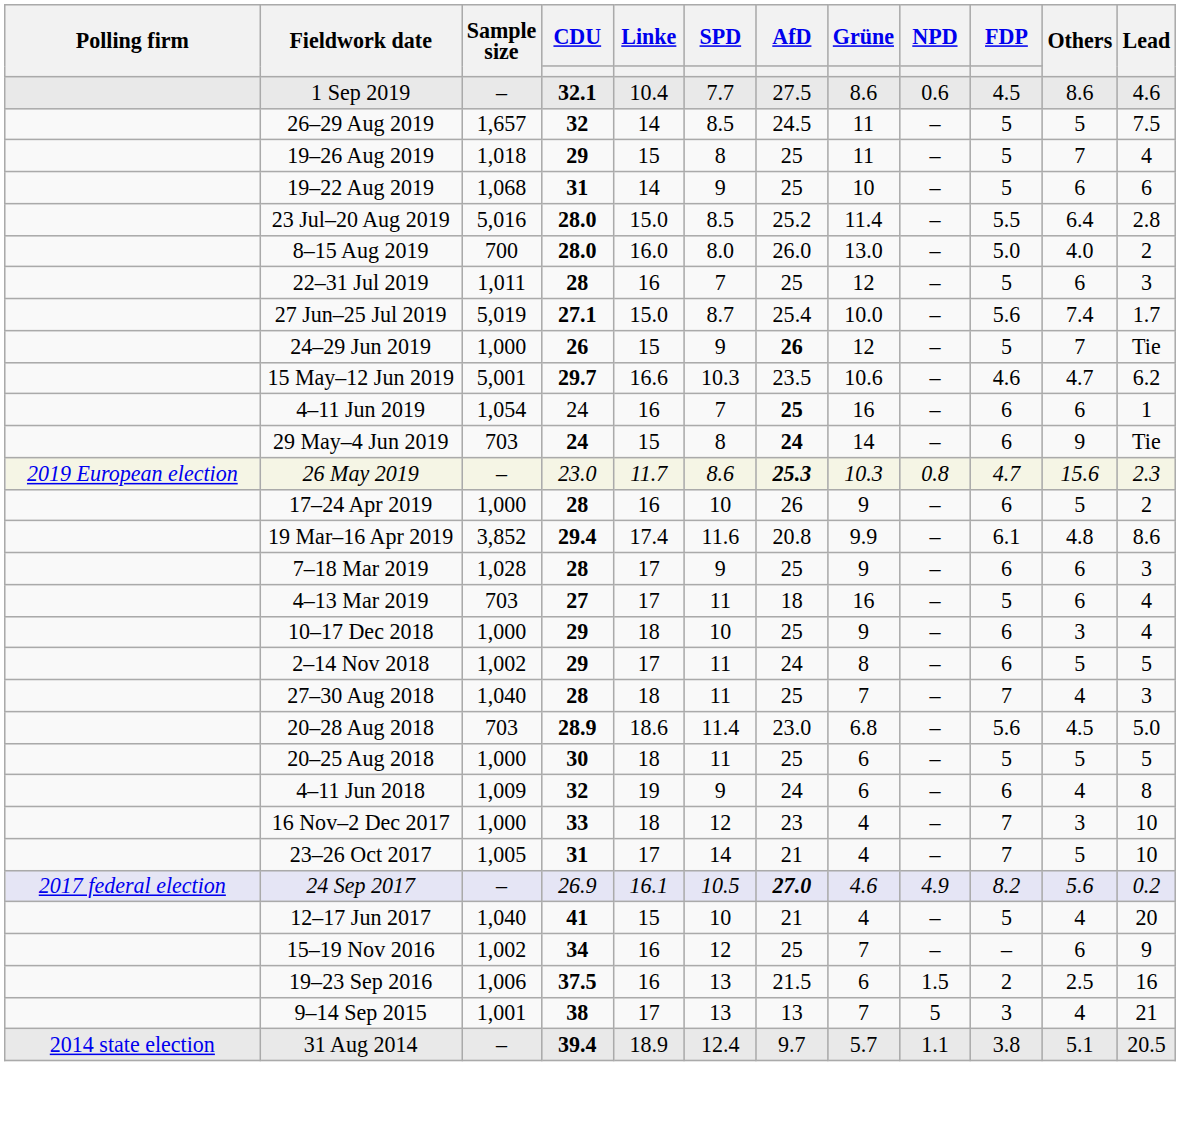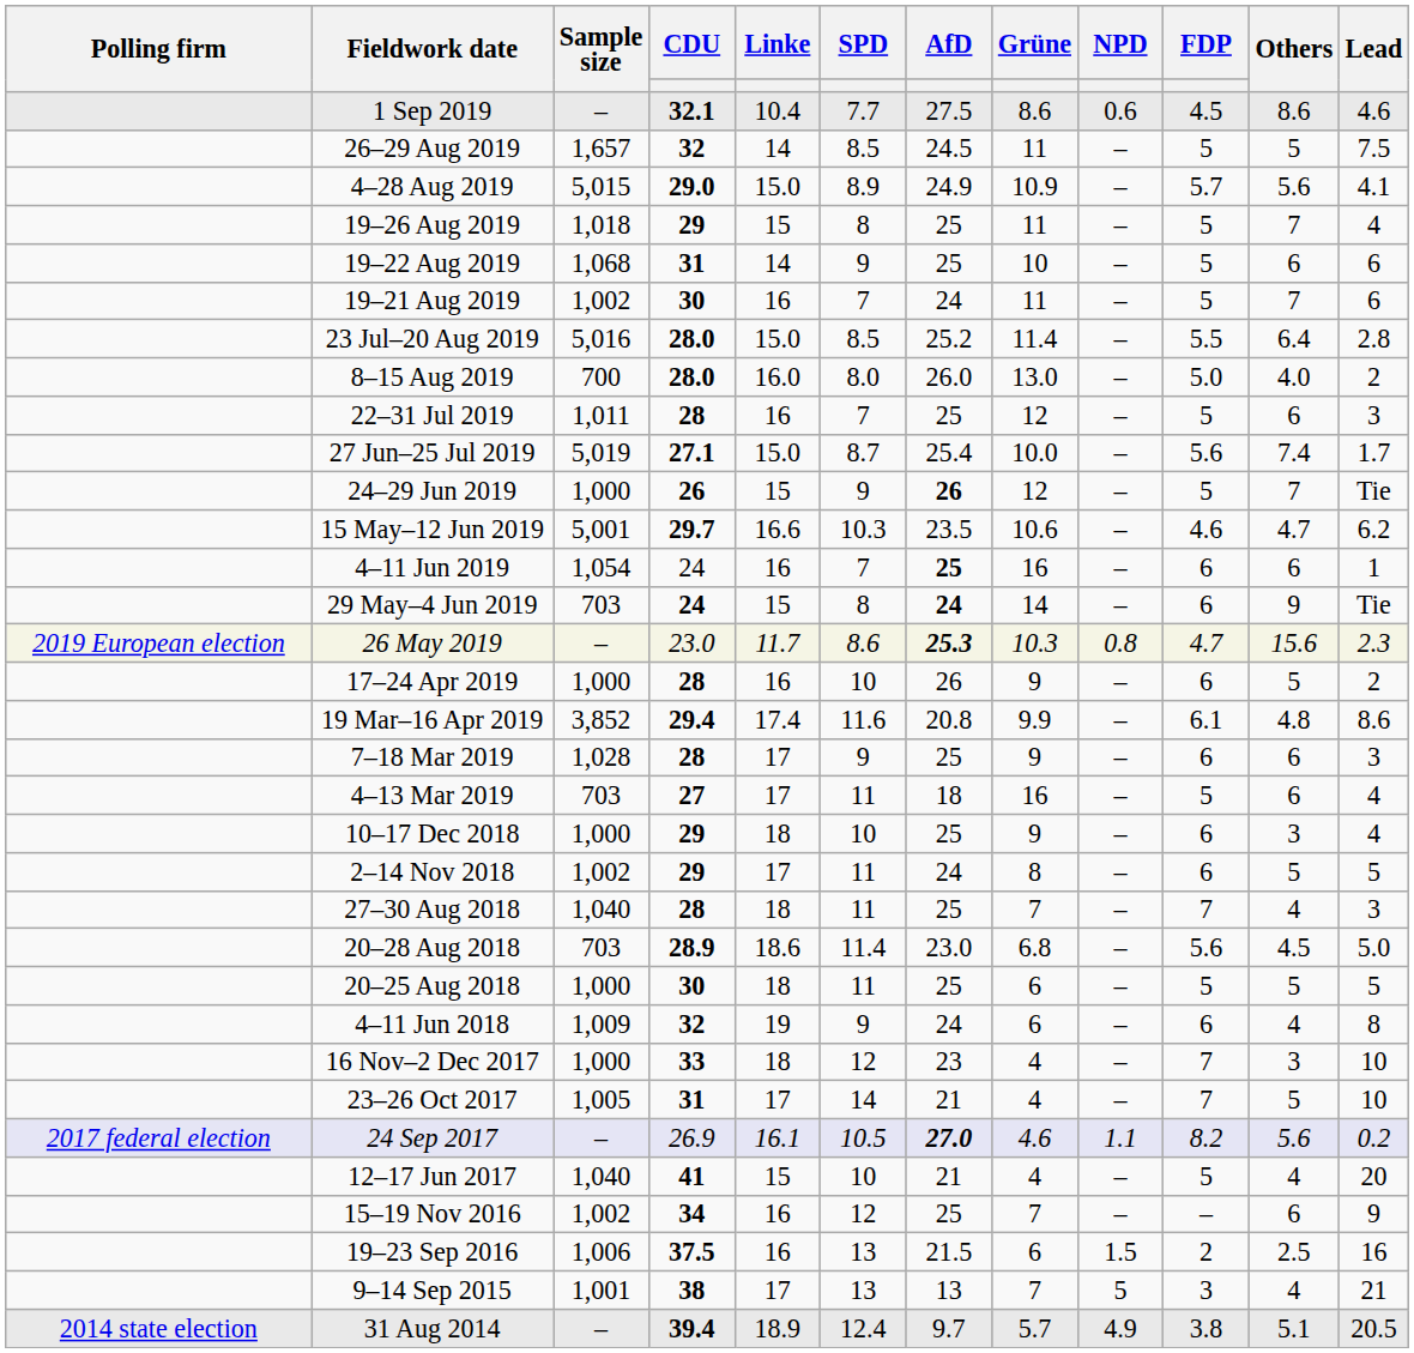 <table class="wikitable sortable" style="text-align:center;font-size:90%;line-height:14px;">
 <tr style="height:40px;">
 <th style="width:160px;" rowspan="2">Polling firm</th>
 <th style="width:125px;" rowspan="2">Fieldwork date</th>
 <th style="width:35px;" rowspan="2">Sample<br>size</th>
 <th class="unsortable" style="width:40px;"><a href='#'>CDU</a></th>
 <th class="unsortable" style="width:40px;"><a href='#'>Linke</a></th>
 <th class="unsortable" style="width:40px;"><a href='#'>SPD</a></th>
 <th class="unsortable" style="width:40px;"><a href='#'>AfD</a></th>
 <th class="unsortable" style="width:40px;"><a href='#'>Grüne</a></th>
 <th class="unsortable" style="width:40px;"><a href='#'>NPD</a></th>
 <th class="unsortable" style="width:40px;"><a href='#'>FDP</a></th>
 <th class="unsortable" style="width:40px;" rowspan="2">Others</th>
 <th style="width:30px;" rowspan="2">Lead</th>
 </tr>
 <tr>
 <th style="background:"></th>
 <th style="background:"></th>
 <th style="background:"></th>
 <th style="background:"></th>
 <th style="background:"></th>
 <th style="background:"></th>
 <th style="background:"></th>
 </tr>
 <tr style="background:#E9E9E9;">
 <td></td>
 <td data-sort-value="2019-09-01">1 Sep 2019</td>
 <td>–</td>
 <td><strong>32.1</strong></td>
 <td>10.4</td>
 <td>7.7</td>
 <td>27.5</td>
 <td>8.6</td>
 <td>0.6</td>
 <td>4.5</td>
 <td>8.6</td>
 <td style="background:">4.6</td>
 </tr>
 <tr>
 <td></td>
 <td data-sort-value="2019-08-29">26–29 Aug 2019</td>
 <td>1,657</td>
 <td><strong>32</strong></td>
 <td>14</td>
 <td>8.5</td>
 <td>24.5</td>
 <td>11</td>
 <td>–</td>
 <td>5</td>
 <td>5</td>
 <td style="background:">7.5</td>
 </tr>
 <tr>
 <td></td>
+<td data-sort-value="2019-08-28">4–28 Aug 2019</td>
+<td>5,015</td>
+<td><strong>29.0</strong></td>
+<td>15.0</td>
+<td>8.9</td>
+<td>24.9</td>
+<td>10.9</td>
+<td>–</td>
+<td>5.7</td>
+<td>5.6</td>
+<td style="background:">4.1</td>
+</tr>
+<tr>
+<td></td>
 <td data-sort-value="2019-08-26">19–26 Aug 2019</td>
 <td>1,018</td>
 <td><strong>29</strong></td>
 <td>15</td>
 <td>8</td>
 <td>25</td>
 <td>11</td>
 <td>–</td>
 <td>5</td>
 <td>7</td>
 <td style="background:">4</td>
 </tr>
 <tr>
 <td></td>
 <td data-sort-value="2019-08-22">19–22 Aug 2019</td>
 <td>1,068</td>
 <td><strong>31</strong></td>
 <td>14</td>
 <td>9</td>
 <td>25</td>
 <td>10</td>
 <td>–</td>
 <td>5</td>
 <td>6</td>
+<td style="background:">6</td>
+</tr>
+<tr>
+<td></td>
+<td data-sort-value="2019-08-21">19–21 Aug 2019</td>
+<td>1,002</td>
+<td><strong>30</strong></td>
+<td>16</td>
+<td>7</td>
+<td>24</td>
+<td>11</td>
+<td>–</td>
+<td>5</td>
+<td>7</td>
 <td style="background:">6</td>
 </tr>
 <tr>
 <td></td>
 <td data-sort-value="2019-08-20">23 Jul–20 Aug 2019</td>
 <td>5,016</td>
 <td><strong>28.0</strong></td>
 <td>15.0</td>
 <td>8.5</td>
 <td>25.2</td>
 <td>11.4</td>
 <td>–</td>
 <td>5.5</td>
 <td>6.4</td>
 <td style="background:">2.8</td>
 </tr>
 <tr>
 <td></td>
 <td>8–15 Aug 2019</td>
 <td>700</td>
 <td><strong>28.0</strong></td>
 <td>16.0</td>
 <td>8.0</td>
 <td>26.0</td>
 <td>13.0</td>
 <td>–</td>
 <td>5.0</td>
 <td>4.0</td>
 <td style="background:">2</td>
 </tr>
 <tr>
 <td></td>
 <td data-sort-value="2019-07-31">22–31 Jul 2019</td>
 <td>1,011</td>
 <td><strong>28</strong></td>
 <td>16</td>
 <td>7</td>
 <td>25</td>
 <td>12</td>
 <td>–</td>
 <td>5</td>
 <td>6</td>
 <td style="background:">3</td>
 </tr>
 <tr>
 <td></td>
 <td data-sort-value="2019-07-25">27 Jun–25 Jul 2019</td>
 <td>5,019</td>
 <td><strong>27.1</strong></td>
 <td>15.0</td>
 <td>8.7</td>
 <td>25.4</td>
 <td>10.0</td>
 <td>–</td>
 <td>5.6</td>
 <td>7.4</td>
 <td style="background:">1.7</td>
 </tr>
 <tr>
 <td></td>
 <td data-sort-value="2019-06-29">24–29 Jun 2019</td>
 <td>1,000</td>
 <td><strong>26</strong></td>
 <td>15</td>
 <td>9</td>
 <td><strong>26</strong></td>
 <td>12</td>
 <td>–</td>
 <td>5</td>
 <td>7</td>
 <td data-sort-value="0">Tie</td>
 </tr>
 <tr>
 <td></td>
 <td data-sort-value="2019-06-12">15 May–12 Jun 2019</td>
 <td>5,001</td>
 <td><strong>29.7</strong></td>
 <td>16.6</td>
 <td>10.3</td>
 <td>23.5</td>
 <td>10.6</td>
 <td>–</td>
 <td>4.6</td>
 <td>4.7</td>
 <td style="background:">6.2</td>
 </tr>
 <tr>
 <td></td>
 <td data-sort-value="2019-06-11">4–11 Jun 2019</td>
 <td>1,054</td>
 <td>24</td>
 <td>16</td>
 <td>7</td>
 <td><strong>25</strong></td>
 <td>16</td>
 <td>–</td>
 <td>6</td>
 <td>6</td>
 <td style="background:">1</td>
 </tr>
 <tr>
 <td></td>
 <td data-sort-value="2019-06-04">29 May–4 Jun 2019</td>
 <td>703</td>
 <td><strong>24</strong></td>
 <td>15</td>
 <td>8</td>
 <td><strong>24</strong></td>
 <td>14</td>
 <td>–</td>
 <td>6</td>
 <td>9</td>
 <td data-sort-value="0">Tie</td>
 </tr>
 <tr style="background:#F5F5E5;font-style:italic;">
 <td><a href='#'>2019 European election</a></td>
 <td data-sort-value="2019-05-26">26 May 2019</td>
 <td>–</td>
 <td>23.0</td>
 <td>11.7</td>
 <td>8.6</td>
 <td><strong>25.3</strong></td>
 <td>10.3</td>
 <td>0.8</td>
 <td>4.7</td>
 <td>15.6</td>
 <td style="background:">2.3</td>
 </tr>
 <tr>
 <td></td>
 <td data-sort-value="2019-04-24">17–24 Apr 2019</td>
 <td>1,000</td>
 <td><strong>28</strong></td>
 <td>16</td>
 <td>10</td>
 <td>26</td>
 <td>9</td>
 <td>–</td>
 <td>6</td>
 <td>5</td>
 <td style="background:">2</td>
 </tr>
 <tr>
 <td></td>
 <td data-sort-value="2019-04-16">19 Mar–16 Apr 2019</td>
 <td>3,852</td>
 <td><strong>29.4</strong></td>
 <td>17.4</td>
 <td>11.6</td>
 <td>20.8</td>
 <td>9.9</td>
 <td>–</td>
 <td>6.1</td>
 <td>4.8</td>
 <td style="background:">8.6</td>
 </tr>
 <tr>
 <td></td>
 <td data-sort-value="2019-03-18">7–18 Mar 2019</td>
 <td>1,028</td>
 <td><strong>28</strong></td>
 <td>17</td>
 <td>9</td>
 <td>25</td>
 <td>9</td>
 <td>–</td>
 <td>6</td>
 <td>6</td>
 <td style="background:">3</td>
 </tr>
 <tr>
 <td></td>
 <td data-sort-value="2019-03-13">4–13 Mar 2019</td>
 <td>703</td>
 <td><strong>27</strong></td>
 <td>17</td>
 <td>11</td>
 <td>18</td>
 <td>16</td>
 <td>–</td>
 <td>5</td>
 <td>6</td>
 <td style="background:">4</td>
 </tr>
 <tr>
 <td></td>
 <td data-sort-value="2018-12-17">10–17 Dec 2018</td>
 <td>1,000</td>
 <td><strong>29</strong></td>
 <td>18</td>
 <td>10</td>
 <td>25</td>
 <td>9</td>
 <td>–</td>
 <td>6</td>
 <td>3</td>
 <td style="background:">4</td>
 </tr>
 <tr>
 <td></td>
 <td data-sort-value="2018-11-14">2–14 Nov 2018</td>
 <td>1,002</td>
 <td><strong>29</strong></td>
 <td>17</td>
 <td>11</td>
 <td>24</td>
 <td>8</td>
 <td>–</td>
 <td>6</td>
 <td>5</td>
 <td style="background:">5</td>
 </tr>
 <tr>
 <td></td>
 <td data-sort-value="2018-08-30">27–30 Aug 2018</td>
 <td>1,040</td>
 <td><strong>28</strong></td>
 <td>18</td>
 <td>11</td>
 <td>25</td>
 <td>7</td>
 <td>–</td>
 <td>7</td>
 <td>4</td>
 <td style="background:">3</td>
 </tr>
 <tr>
 <td></td>
 <td data-sort-value="2018-08-28">20–28 Aug 2018</td>
 <td>703</td>
 <td><strong>28.9</strong></td>
 <td>18.6</td>
 <td>11.4</td>
 <td>23.0</td>
 <td>6.8</td>
 <td>–</td>
 <td>5.6</td>
 <td>4.5</td>
 <td style="background:">5.0</td>
 </tr>
 <tr>
 <td></td>
 <td data-sort-value="2018-08-25">20–25 Aug 2018</td>
 <td>1,000</td>
 <td><strong>30</strong></td>
 <td>18</td>
 <td>11</td>
 <td>25</td>
 <td>6</td>
 <td>–</td>
 <td>5</td>
 <td>5</td>
 <td style="background:">5</td>
 </tr>
 <tr>
 <td></td>
 <td data-sort-value="2018-06-11">4–11 Jun 2018</td>
 <td>1,009</td>
 <td><strong>32</strong></td>
 <td>19</td>
 <td>9</td>
 <td>24</td>
 <td>6</td>
 <td>–</td>
 <td>6</td>
 <td>4</td>
 <td style="background:">8</td>
 </tr>
 <tr>
 <td></td>
 <td data-sort-value="2017-12-02">16 Nov–2 Dec 2017</td>
 <td>1,000</td>
 <td><strong>33</strong></td>
 <td>18</td>
 <td>12</td>
 <td>23</td>
 <td>4</td>
 <td>–</td>
 <td>7</td>
 <td>3</td>
 <td style="background:">10</td>
 </tr>
 <tr>
 <td></td>
 <td data-sort-value="2017-10-26">23–26 Oct 2017</td>
 <td>1,005</td>
 <td><strong>31</strong></td>
 <td>17</td>
 <td>14</td>
 <td>21</td>
 <td>4</td>
 <td>–</td>
 <td>7</td>
 <td>5</td>
 <td style="background:">10</td>
 </tr>
 <tr style="background:#E5E5F5;font-style:italic;">
 <td><a href='#'>2017 federal election</a></td>
 <td data-sort-value="2017-09-24">24 Sep 2017</td>
 <td>–</td>
 <td>26.9</td>
 <td>16.1</td>
 <td>10.5</td>
 <td><strong>27.0</strong></td>
 <td>4.6</td>
-<td>4.9</td>
+<td>1.1</td>
 <td>8.2</td>
 <td>5.6</td>
 <td style="background:">0.2</td>
 </tr>
 <tr>
 <td></td>
 <td data-sort-value="2017-06-17">12–17 Jun 2017</td>
 <td>1,040</td>
 <td><strong>41</strong></td>
 <td>15</td>
 <td>10</td>
 <td>21</td>
 <td>4</td>
 <td>–</td>
 <td>5</td>
 <td>4</td>
 <td style="background:">20</td>
 </tr>
 <tr>
 <td></td>
 <td data-sort-value="2016-11-19">15–19 Nov 2016</td>
 <td>1,002</td>
 <td><strong>34</strong></td>
 <td>16</td>
 <td>12</td>
 <td>25</td>
 <td>7</td>
 <td>–</td>
 <td>–</td>
 <td>6</td>
 <td style="background:">9</td>
 </tr>
 <tr>
 <td></td>
 <td data-sort-value="2016-09-23">19–23 Sep 2016</td>
 <td>1,006</td>
 <td><strong>37.5</strong></td>
 <td>16</td>
 <td>13</td>
 <td>21.5</td>
 <td>6</td>
 <td>1.5</td>
 <td>2</td>
 <td>2.5</td>
 <td style="background:">16</td>
 </tr>
 <tr>
 <td></td>
 <td data-sort-value="2015-09-14">9–14 Sep 2015</td>
 <td>1,001</td>
 <td><strong>38</strong></td>
 <td>17</td>
 <td>13</td>
 <td>13</td>
 <td>7</td>
 <td>5</td>
 <td>3</td>
 <td>4</td>
 <td style="background:">21</td>
 </tr>
 <tr style="background:#E9E9E9;">
 <td><a href='#'>2014 state election</a></td>
 <td data-sort-value="2014-08-31">31 Aug 2014</td>
 <td>–</td>
 <td><strong>39.4</strong></td>
 <td>18.9</td>
 <td>12.4</td>
 <td>9.7</td>
 <td>5.7</td>
-<td>1.1</td>
+<td>4.9</td>
 <td>3.8</td>
 <td>5.1</td>
 <td style="background:">20.5</td>
 </tr>
 </table>
